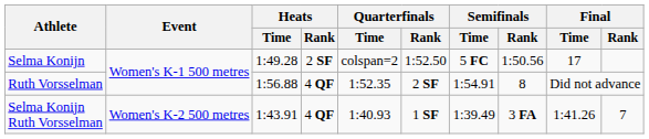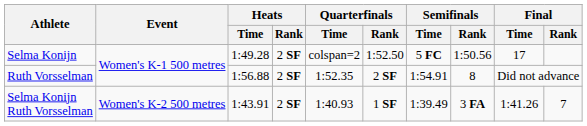 <table class=wikitable style="font-size:90%">
 <tr>
 <th rowspan="2">Athlete</th>
 <th rowspan="2">Event</th>
 <th colspan=2>Heats</th>
 <th colspan=2>Quarterfinals</th>
 <th colspan=2>Semifinals</th>
 <th colspan=2>Final</th>
 </tr>
 <tr style="font-size:95%">
 <th>Time</th>
 <th>Rank</th>
 <th>Time</th>
 <th>Rank</th>
 <th>Time</th>
 <th>Rank</th>
 <th>Time</th>
 <th>Rank</th>
 </tr>
 <tr align=center>
 <td align=left><a href='#'>Selma Konijn</a></td>
 <td align=left rowspan=2><a href='#'>Women's K-1 500 metres</a></td>
 <td>1:49.28</td>
 <td>2 <strong>SF</strong></td>
 <td>colspan=2 </td>
 <td>1:52.50</td>
 <td>5 <strong>FC</strong></td>
 <td>1:50.56</td>
 <td>17</td>
 </tr>
 <tr align=center>
 <td align=left><a href='#'>Ruth Vorsselman</a></td>
 <td>1:56.88</td>
-<td>4 <strong>QF</strong></td>
+<td>2 <strong>SF</strong></td>
 <td>1:52.35</td>
 <td>2 <strong>SF</strong></td>
 <td>1:54.91</td>
 <td>8</td>
 <td colspan=2>Did not advance</td>
 </tr>
 <tr align=center>
 <td align=left><a href='#'>Selma Konijn</a><br><a href='#'>Ruth Vorsselman</a></td>
 <td align=left><a href='#'>Women's K-2 500 metres</a></td>
 <td>1:43.91</td>
-<td>4 <strong>QF</strong></td>
+<td>2 <strong>SF</strong></td>
 <td>1:40.93</td>
 <td>1 <strong>SF</strong></td>
 <td>1:39.49</td>
 <td>3 <strong>FA</strong></td>
 <td>1:41.26</td>
 <td>7</td>
 </tr>
 </table>
